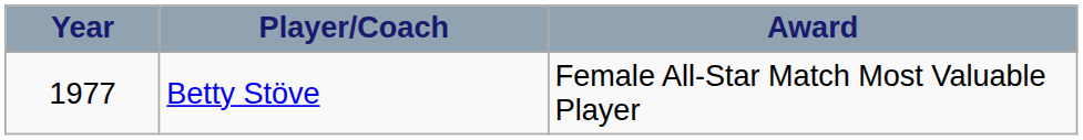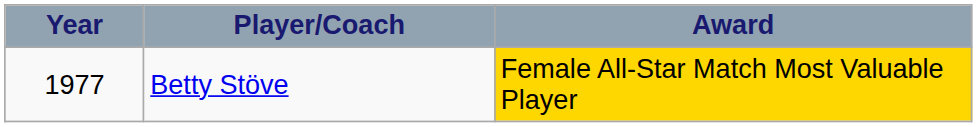 <table class="wikitable" style="text-align:left">
 <tr>
 <th style="background:#91A3B0; color:#191970" width="75px">Year</th>
 <th style="background:#91A3B0; color:#191970" width="200px">Player/Coach</th>
 <th style="background:#91A3B0; color:#191970" width="275px">Award</th>
 </tr>
 <tr>
 <td align="center">1977</td>
 <td><a href='#'>Betty Stöve</a></td>
-<td>Female All-Star Match Most Valuable Player</td>
+<td style="background: gold;">Female All-Star Match Most Valuable Player</td>
 </tr>
 </table>
